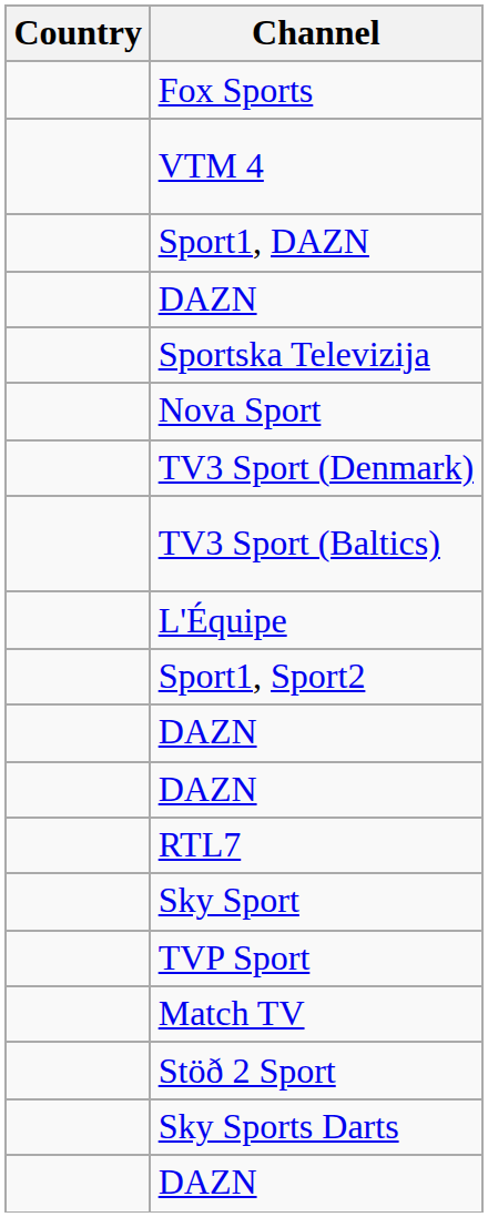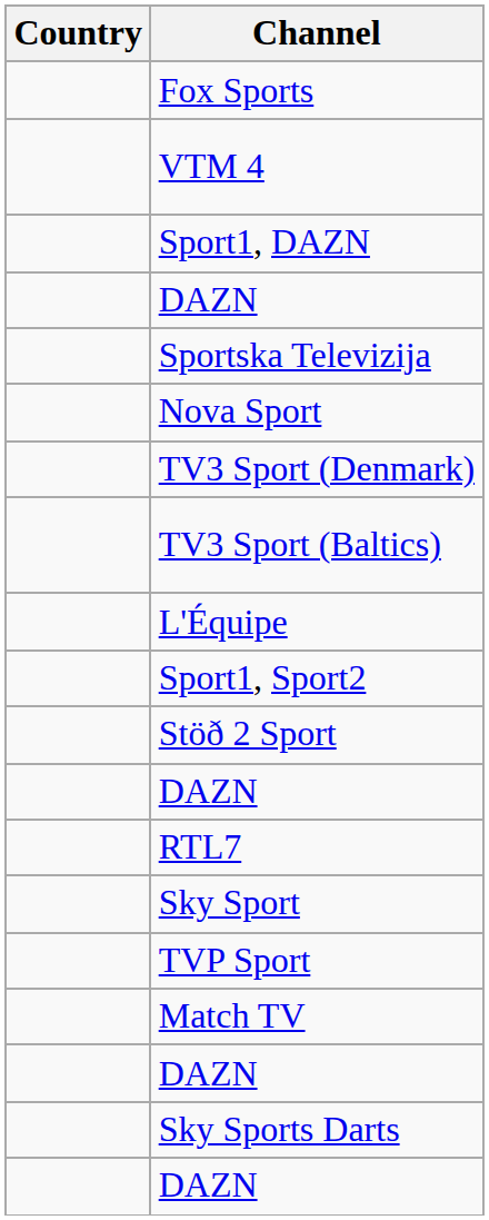 <table class="wikitable" style="font-size:100%; text-align:left">
 <tr>
 <th>Country</th>
 <th>Channel</th>
 </tr>
 <tr>
 <td></td>
 <td><a href='#'>Fox Sports</a></td>
 </tr>
 <tr>
 <td><br><br></td>
 <td><a href='#'>VTM 4</a></td>
 </tr>
 <tr>
 <td></td>
 <td><a href='#'>Sport1</a>, <a href='#'>DAZN</a></td>
 </tr>
 <tr>
 <td></td>
 <td><a href='#'>DAZN</a></td>
 </tr>
 <tr>
 <td></td>
 <td><a href='#'>Sportska Televizija</a></td>
 </tr>
 <tr>
 <td><br></td>
 <td><a href='#'>Nova Sport</a></td>
 </tr>
 <tr>
 <td></td>
 <td><a href='#'>TV3 Sport (Denmark)</a></td>
 </tr>
 <tr>
 <td><br><br></td>
 <td><a href='#'>TV3 Sport (Baltics)</a></td>
 </tr>
 <tr>
 <td></td>
 <td><a href='#'>L'Équipe</a></td>
 </tr>
 <tr>
 <td></td>
 <td><a href='#'>Sport1</a>, <a href='#'>Sport2</a></td>
 </tr>
 <tr>
 <td></td>
-<td><a href='#'>DAZN</a></td>
+<td><a href='#'>Stöð 2 Sport</a></td>
 </tr>
 <tr>
 <td></td>
 <td><a href='#'>DAZN</a></td>
 </tr>
 <tr>
 <td></td>
 <td><a href='#'>RTL7</a></td>
 </tr>
 <tr>
 <td></td>
 <td><a href='#'>Sky Sport</a></td>
 </tr>
 <tr>
 <td></td>
 <td><a href='#'>TVP Sport</a></td>
 </tr>
 <tr>
 <td></td>
 <td><a href='#'>Match TV</a></td>
 </tr>
 <tr>
 <td></td>
-<td><a href='#'>Stöð 2 Sport</a></td>
+<td><a href='#'>DAZN</a></td>
 </tr>
 <tr>
 <td><br></td>
 <td><a href='#'>Sky Sports Darts</a></td>
 </tr>
 <tr>
 <td></td>
 <td><a href='#'>DAZN</a></td>
 </tr>
 </table>
